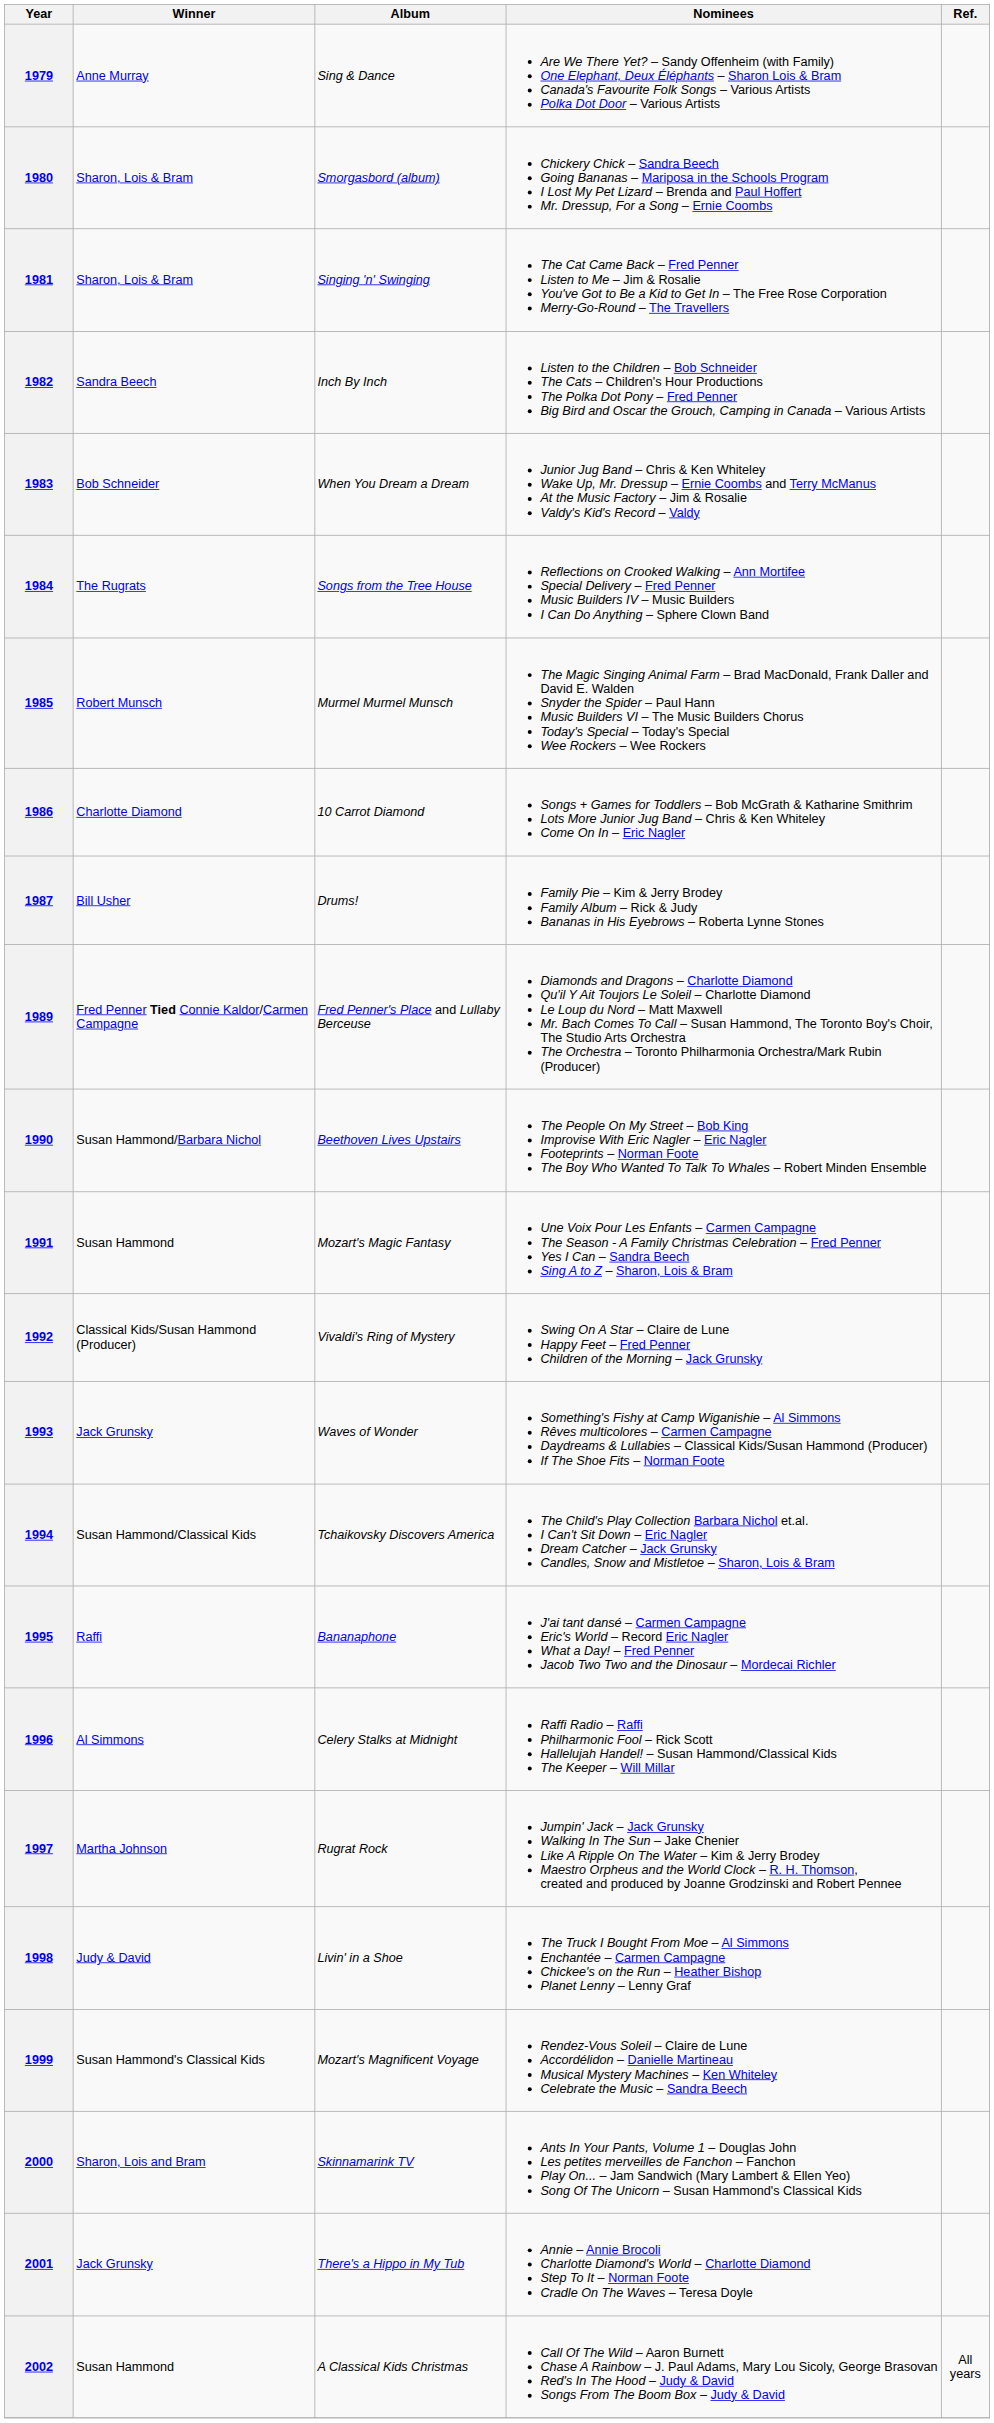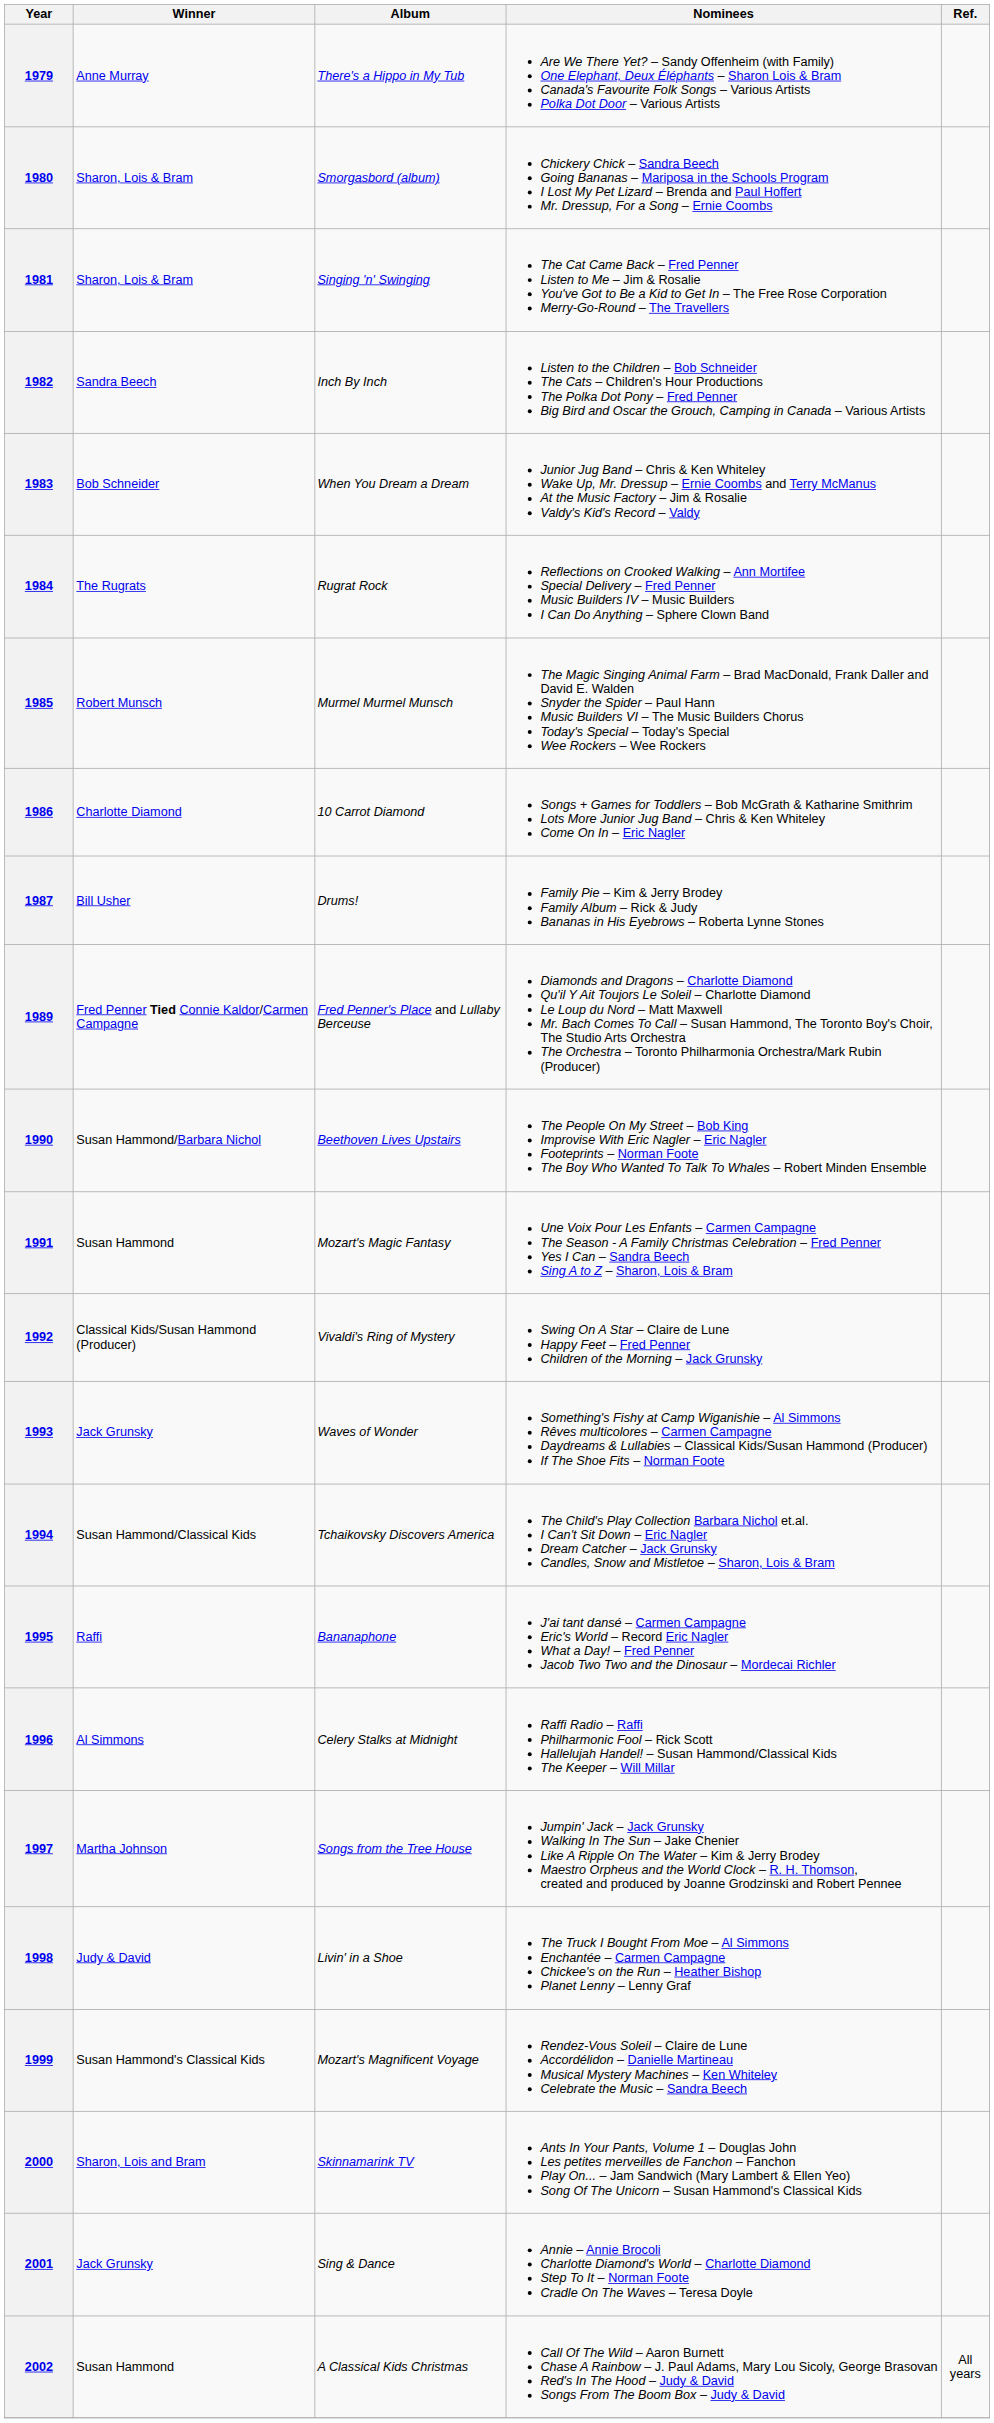 <table class="wikitable sortable">
 <tr>
 <th scope="col" style="width:5em;">Year</th>
 <th scope="col">Winner</th>
 <th scope="col">Album</th>
 <th scope="col" class="unsortable">Nominees</th>
 <th scope="col" class="unsortable">Ref.</th>
 </tr>
 <tr>
 <th scope="row"><a href='#'>1979</a></th>
 <td><a href='#'>Anne Murray</a></td>
-<td><em>Sing & Dance</em></td>
+<td><em><a href='#'>There's a Hippo in My Tub</a></em></td>
 <td><br><ul><li><em>Are We There Yet?</em> – Sandy Offenheim (with Family)</li><li><em><a href='#'>One Elephant, Deux Éléphants</a></em> – <a href='#'>Sharon Lois & Bram</a></li><li><em>Canada's Favourite Folk Songs</em> – Various Artists</li><li><em><a href='#'>Polka Dot Door</a></em> – Various Artists</li></ul></td>
 <td align="center"></td>
 </tr>
 <tr>
 <th scope="row"><a href='#'>1980</a></th>
 <td><a href='#'>Sharon, Lois & Bram</a></td>
 <td><em><a href='#'>Smorgasbord (album)</a></em></td>
 <td><br><ul><li><em>Chickery Chick</em> – <a href='#'>Sandra Beech</a></li><li><em>Going Bananas</em> – <a href='#'>Mariposa in the Schools Program</a></li><li><em>I Lost My Pet Lizard</em> – Brenda and <a href='#'>Paul Hoffert</a></li><li><em>Mr. Dressup, For a Song</em> – <a href='#'>Ernie Coombs</a></li></ul></td>
 <td align="center"></td>
 </tr>
 <tr>
 <th scope="row"><a href='#'>1981</a></th>
 <td><a href='#'>Sharon, Lois & Bram</a></td>
 <td><em><a href='#'>Singing 'n' Swinging</a></em></td>
 <td><br><ul><li><em>The Cat Came Back</em> – <a href='#'>Fred Penner</a></li><li><em>Listen to Me</em> – Jim & Rosalie</li><li><em>You've Got to Be a Kid to Get In</em> – The Free Rose Corporation</li><li><em>Merry-Go-Round</em> – <a href='#'>The Travellers</a></li></ul></td>
 <td></td>
 </tr>
 <tr>
 <th scope="row"><a href='#'>1982</a></th>
 <td><a href='#'>Sandra Beech</a></td>
 <td><em>Inch By Inch</em></td>
 <td><br><ul><li><em>Listen to the Children</em> – <a href='#'>Bob Schneider</a></li><li><em>The Cats</em> – Children's Hour Productions</li><li><em>The Polka Dot Pony</em> – <a href='#'>Fred Penner</a></li><li><em>Big Bird and Oscar the Grouch, Camping in Canada</em> – Various Artists</li></ul></td>
 <td></td>
 </tr>
 <tr>
 <th scope="row"><a href='#'>1983</a></th>
 <td><a href='#'>Bob Schneider</a></td>
 <td><em>When You Dream a Dream</em></td>
 <td><br><ul><li><em>Junior Jug Band</em> – Chris & Ken Whiteley</li><li><em>Wake Up, Mr. Dressup</em> – <a href='#'>Ernie Coombs</a> and <a href='#'>Terry McManus</a></li><li><em>At the Music Factory</em> – Jim & Rosalie</li><li><em>Valdy's Kid's Record</em> – <a href='#'>Valdy</a></li></ul></td>
 <td></td>
 </tr>
 <tr>
 <th scope="row"><a href='#'>1984</a></th>
 <td><a href='#'>The Rugrats</a></td>
-<td><em><a href='#'>Songs from the Tree House</a></em></td>
+<td><em>Rugrat Rock</em></td>
 <td><br><ul><li><em>Reflections on Crooked Walking</em> – <a href='#'>Ann Mortifee</a></li><li><em>Special Delivery</em> – <a href='#'>Fred Penner</a></li><li><em>Music Builders IV</em> – Music Builders</li><li><em>I Can Do Anything</em> – Sphere Clown Band</li></ul></td>
 <td></td>
 </tr>
 <tr>
 <th scope="row"><a href='#'>1985</a></th>
 <td><a href='#'>Robert Munsch</a></td>
 <td><em>Murmel Murmel Munsch</em></td>
 <td><br><ul><li><em>The Magic Singing Animal Farm</em> – Brad MacDonald, Frank Daller and David E. Walden</li><li><em>Snyder the Spider</em> – Paul Hann</li><li><em>Music Builders VI</em> – The Music Builders Chorus</li><li><em>Today's Special</em> – Today's Special</li><li><em>Wee Rockers</em> – Wee Rockers</li></ul></td>
 <td></td>
 </tr>
 <tr>
 <th scope="row"><a href='#'>1986</a></th>
 <td><a href='#'>Charlotte Diamond</a></td>
 <td><em>10 Carrot Diamond</em></td>
 <td><br><ul><li><em>Songs + Games for Toddlers</em> – Bob McGrath & Katharine Smithrim</li><li><em>Lots More Junior Jug Band</em> – Chris  & Ken Whiteley</li><li><em>Come On In</em> – <a href='#'>Eric Nagler</a></li></ul></td>
 <td></td>
 </tr>
 <tr>
 <th scope="row"><a href='#'>1987</a></th>
 <td><a href='#'>Bill Usher</a></td>
 <td><em>Drums!</em></td>
 <td><br><ul><li><em>Family Pie</em> – Kim & Jerry Brodey</li><li><em>Family Album</em> – Rick & Judy</li><li><em>Bananas in His Eyebrows</em> – Roberta Lynne Stones</li></ul></td>
 <td></td>
 </tr>
 <tr>
 <th scope="row"><a href='#'>1989</a></th>
 <td><a href='#'>Fred Penner</a> <strong>Tied</strong> <a href='#'>Connie Kaldor</a>/<a href='#'>Carmen Campagne</a></td>
 <td><em><a href='#'>Fred Penner's Place</a></em> and <em>Lullaby Berceuse</em></td>
 <td><br><ul><li><em>Diamonds and Dragons</em> – <a href='#'>Charlotte Diamond</a></li><li><em>Qu'il Y Ait Toujors Le Soleil</em> – Charlotte Diamond</li><li><em>Le Loup du Nord</em> – Matt Maxwell</li><li><em>Mr. Bach Comes To Call</em> – Susan Hammond, The Toronto Boy's Choir, The Studio Arts Orchestra</li><li><em>The Orchestra</em> – Toronto Philharmonia Orchestra/Mark Rubin (Producer)</li></ul></td>
 </tr>
 <tr>
 <th scope="row"><a href='#'>1990</a></th>
 <td>Susan Hammond/<a href='#'>Barbara Nichol</a></td>
 <td><em><a href='#'>Beethoven Lives Upstairs</a></em></td>
 <td><br><ul><li><em>The People On My Street</em> – <a href='#'>Bob King</a></li><li><em>Improvise With Eric Nagler</em> – <a href='#'>Eric Nagler</a></li><li><em>Footeprints</em> – <a href='#'>Norman Foote</a></li><li><em>The Boy Who Wanted To Talk To Whales</em> – Robert Minden Ensemble</li></ul></td>
 <td></td>
 </tr>
 <tr>
 <th scope="row"><a href='#'>1991</a></th>
 <td>Susan Hammond</td>
 <td><em>Mozart's Magic Fantasy</em></td>
 <td><br><ul><li><em>Une Voix Pour Les Enfants</em> – <a href='#'>Carmen Campagne</a></li><li><em>The Season - A Family Christmas Celebration</em> – <a href='#'>Fred Penner</a></li><li><em>Yes I Can</em> – <a href='#'>Sandra Beech</a></li><li><em><a href='#'>Sing A to Z</a></em> – <a href='#'>Sharon, Lois & Bram</a></li></ul></td>
 <td></td>
 </tr>
 <tr>
 <th scope="row"><a href='#'>1992</a></th>
 <td>Classical Kids/Susan Hammond (Producer)</td>
 <td><em>Vivaldi's Ring of Mystery</em></td>
 <td><br><ul><li><em>Swing On A Star</em> – Claire de Lune</li><li><em>Happy Feet</em> – <a href='#'>Fred Penner</a></li><li><em>Children of the Morning</em> – <a href='#'>Jack Grunsky</a></li></ul></td>
 <td></td>
 </tr>
 <tr>
 <th scope="row"><a href='#'>1993</a></th>
 <td><a href='#'>Jack Grunsky</a></td>
 <td><em>Waves of Wonder</em></td>
 <td><br><ul><li><em>Something's Fishy at Camp Wiganishie</em> – <a href='#'>Al Simmons</a></li><li><em>Rêves multicolores</em> – <a href='#'>Carmen Campagne</a></li><li><em>Daydreams & Lullabies</em> – Classical Kids/Susan Hammond (Producer)</li><li><em>If The Shoe Fits</em> – <a href='#'>Norman Foote</a></li></ul></td>
 <td></td>
 </tr>
 <tr>
 <th scope="row"><a href='#'>1994</a></th>
 <td>Susan Hammond/Classical Kids</td>
 <td><em>Tchaikovsky Discovers America</em></td>
 <td><br><ul><li><em>The Child's Play Collection</em> <a href='#'>Barbara Nichol</a> et.al.</li><li><em>I Can't Sit Down</em> – <a href='#'>Eric Nagler</a></li><li><em>Dream Catcher</em> – <a href='#'>Jack Grunsky</a></li><li><em>Candles, Snow and Mistletoe</em> – <a href='#'>Sharon, Lois & Bram</a></li></ul></td>
 <td></td>
 </tr>
 <tr>
 <th scope="row"><a href='#'>1995</a></th>
 <td><a href='#'>Raffi</a></td>
 <td><em><a href='#'>Bananaphone</a></em></td>
 <td><br><ul><li><em>J'ai tant dansé</em> – <a href='#'>Carmen Campagne</a></li><li><em>Eric's World</em> – Record <a href='#'>Eric Nagler</a></li><li><em>What a Day!</em> – <a href='#'>Fred Penner</a></li><li><em>Jacob Two Two and the Dinosaur</em> – <a href='#'>Mordecai Richler</a></li></ul></td>
 <td></td>
 </tr>
 <tr>
 <th scope="row"><a href='#'>1996</a></th>
 <td><a href='#'>Al Simmons</a></td>
 <td><em>Celery Stalks at Midnight</em></td>
 <td><br><ul><li><em>Raffi Radio</em> – <a href='#'>Raffi</a></li><li><em>Philharmonic Fool</em> – Rick Scott</li><li><em>Hallelujah Handel!</em> – Susan Hammond/Classical Kids</li><li><em>The Keeper</em> – <a href='#'>Will Millar</a></li></ul></td>
 <td></td>
 </tr>
 <tr>
 <th scope="row"><a href='#'>1997</a></th>
 <td><a href='#'>Martha Johnson</a></td>
-<td><em>Rugrat Rock</em></td>
+<td><em><a href='#'>Songs from the Tree House</a></em></td>
 <td><br><ul><li><em>Jumpin' Jack</em> – <a href='#'>Jack Grunsky</a></li><li><em>Walking In The Sun</em> – Jake Chenier</li><li><em>Like A Ripple On The Water</em> – Kim & Jerry Brodey</li><li><em>Maestro Orpheus and the World Clock</em> – <a href='#'>R. H. Thomson</a>, <br>created and produced by Joanne Grodzinski and Robert Pennee</li></ul></td>
 <td></td>
 </tr>
 <tr>
 <th scope="row"><a href='#'>1998</a></th>
 <td><a href='#'>Judy & David</a></td>
 <td><em>Livin' in a Shoe</em></td>
 <td><br><ul><li><em>The Truck I Bought From Moe</em> – <a href='#'>Al Simmons</a></li><li><em>Enchantée</em> – <a href='#'>Carmen Campagne</a></li><li><em>Chickee's on the Run</em> – <a href='#'>Heather Bishop</a></li><li><em>Planet Lenny</em> – Lenny Graf</li></ul></td>
 <td></td>
 </tr>
 <tr>
 <th scope="row"><a href='#'>1999</a></th>
 <td>Susan Hammond's Classical Kids</td>
 <td><em>Mozart's Magnificent Voyage</em></td>
 <td><br><ul><li><em>Rendez-Vous Soleil</em> – Claire de Lune</li><li><em>Accordélidon</em> – <a href='#'>Danielle Martineau</a></li><li><em>Musical Mystery Machines</em> – <a href='#'>Ken Whiteley</a></li><li><em>Celebrate the Music</em> – <a href='#'>Sandra Beech</a></li></ul></td>
 <td></td>
 </tr>
 <tr>
 <th scope="row"><a href='#'>2000</a></th>
 <td><a href='#'>Sharon, Lois and Bram</a></td>
 <td><em><a href='#'>Skinnamarink TV</a></em></td>
 <td><br><ul><li><em>Ants In Your Pants, Volume 1</em> – Douglas John</li><li><em>Les petites merveilles de Fanchon</em> – Fanchon</li><li><em>Play On...</em> – Jam Sandwich (Mary Lambert & Ellen Yeo)</li><li><em>Song Of The Unicorn</em> – Susan Hammond's Classical Kids</li></ul></td>
 <td></td>
 </tr>
 <tr>
 <th scope="row"><a href='#'>2001</a></th>
 <td><a href='#'>Jack Grunsky</a></td>
-<td><em><a href='#'>There's a Hippo in My Tub</a></em></td>
+<td><em>Sing & Dance</em></td>
 <td><br><ul><li><em>Annie</em> – <a href='#'>Annie Brocoli</a></li><li><em>Charlotte Diamond's World</em> – <a href='#'>Charlotte Diamond</a></li><li><em>Step To It</em> – <a href='#'>Norman Foote</a></li><li><em>Cradle On The Waves</em> – Teresa Doyle</li></ul></td>
 <td></td>
 </tr>
 <tr>
 <th scope="row"><a href='#'>2002</a></th>
 <td>Susan Hammond</td>
 <td><em>A Classical Kids Christmas</em></td>
 <td><br><ul><li><em>Call Of The Wild</em> – Aaron Burnett</li><li><em>Chase A Rainbow</em> – J. Paul Adams, Mary Lou Sicoly, George Brasovan</li><li><em>Red's In The Hood</em>  – <a href='#'>Judy & David</a></li><li><em>Songs From The Boom Box</em> – <a href='#'>Judy & David</a></li></ul></td>
 <td align="center">All years</td>
 </tr>
 <tr>
 </tr>
 </table>
